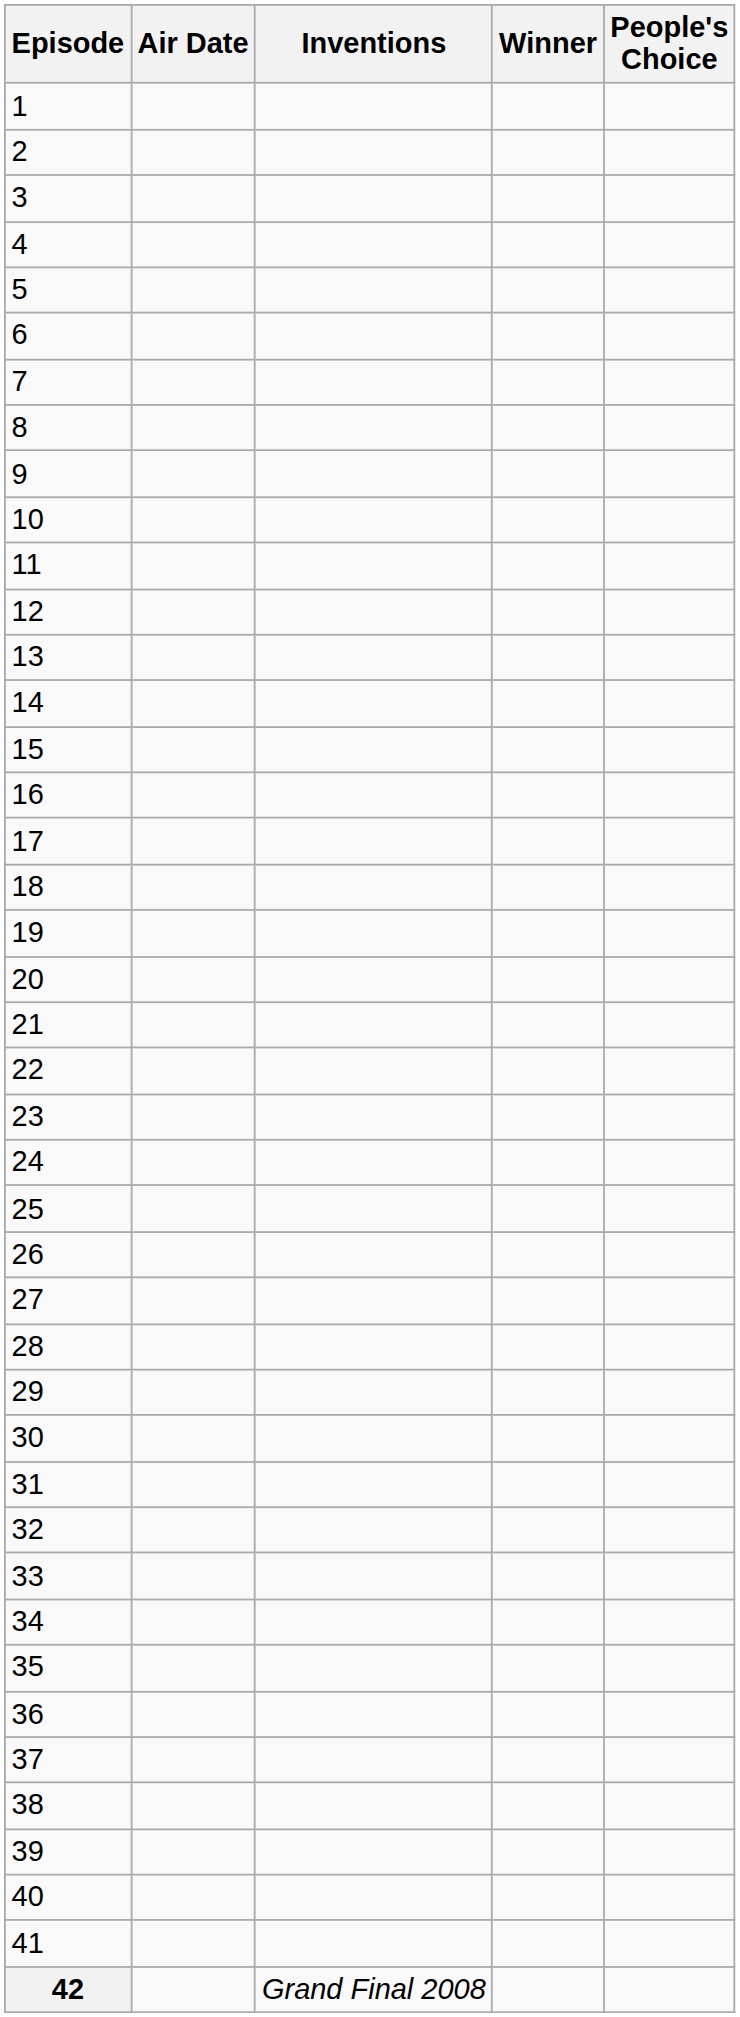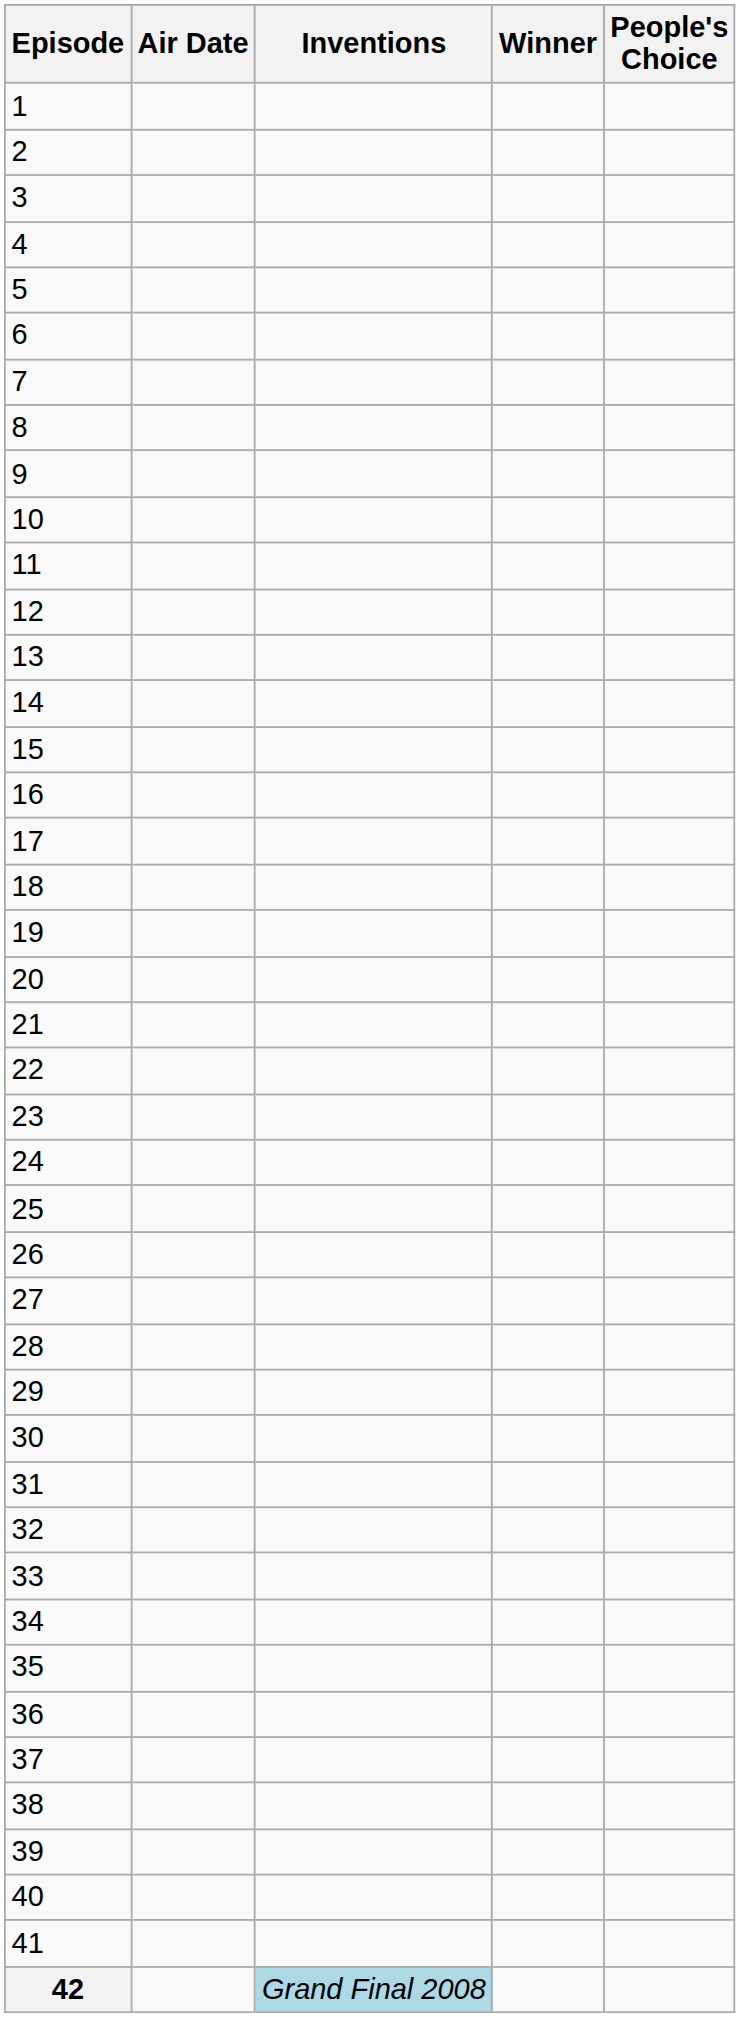 <table class="wikitable">
 <tr>
 <th>Episode</th>
 <th>Air Date</th>
 <th>Inventions</th>
 <th>Winner</th>
 <th>People's<br>Choice</th>
 </tr>
 <tr>
 <td>1</td>
 <td></td>
 <td></td>
 <td></td>
 <td></td>
 </tr>
 <tr>
 <td>2</td>
 <td></td>
 <td></td>
 <td></td>
 <td></td>
 </tr>
 <tr>
 <td>3</td>
 <td></td>
 <td></td>
 <td></td>
 <td></td>
 </tr>
 <tr>
 <td>4</td>
 <td></td>
 <td></td>
 <td></td>
 <td></td>
 </tr>
 <tr>
 <td>5</td>
 <td></td>
 <td></td>
 <td></td>
 <td></td>
 </tr>
 <tr>
 <td>6</td>
 <td></td>
 <td></td>
 <td></td>
 <td></td>
 </tr>
 <tr>
 <td>7</td>
 <td></td>
 <td></td>
 <td></td>
 <td></td>
 </tr>
 <tr>
 <td>8</td>
 <td></td>
 <td></td>
 <td></td>
 <td></td>
 </tr>
 <tr>
 <td>9</td>
 <td></td>
 <td></td>
 <td></td>
 <td></td>
 </tr>
 <tr>
 <td>10</td>
 <td></td>
 <td></td>
 <td></td>
 <td></td>
 </tr>
 <tr>
 <td>11</td>
 <td></td>
 <td></td>
 <td></td>
 <td></td>
 </tr>
 <tr>
 <td>12</td>
 <td></td>
 <td></td>
 <td></td>
 <td></td>
 </tr>
 <tr>
 <td>13</td>
 <td></td>
 <td></td>
 <td></td>
 <td></td>
 </tr>
 <tr>
 <td>14</td>
 <td></td>
 <td></td>
 <td></td>
 <td></td>
 </tr>
 <tr>
 <td>15</td>
 <td></td>
 <td></td>
 <td></td>
 <td></td>
 </tr>
 <tr>
 <td>16</td>
 <td></td>
 <td></td>
 <td></td>
 <td></td>
 </tr>
 <tr>
 <td>17</td>
 <td></td>
 <td></td>
 <td></td>
 <td></td>
 </tr>
 <tr>
 <td>18</td>
 <td></td>
 <td></td>
 <td></td>
 <td></td>
 </tr>
 <tr>
 <td>19</td>
 <td></td>
 <td></td>
 <td></td>
 <td></td>
 </tr>
 <tr>
 <td>20</td>
 <td></td>
 <td></td>
 <td></td>
 <td></td>
 </tr>
 <tr>
 <td>21</td>
 <td></td>
 <td></td>
 <td></td>
 <td></td>
 </tr>
 <tr>
 <td>22</td>
 <td></td>
 <td></td>
 <td></td>
 <td></td>
 </tr>
 <tr>
 <td>23</td>
 <td></td>
 <td></td>
 <td></td>
 <td></td>
 </tr>
 <tr>
 <td>24</td>
 <td></td>
 <td></td>
 <td></td>
 <td></td>
 </tr>
 <tr>
 <td>25</td>
 <td></td>
 <td></td>
 <td></td>
 <td></td>
 </tr>
 <tr>
 <td>26</td>
 <td></td>
 <td></td>
 <td></td>
 <td></td>
 </tr>
 <tr>
 <td>27</td>
 <td></td>
 <td></td>
 <td></td>
 <td></td>
 </tr>
 <tr>
 <td>28</td>
 <td></td>
 <td></td>
 <td></td>
 <td></td>
 </tr>
 <tr>
 <td>29</td>
 <td></td>
 <td></td>
 <td></td>
 <td></td>
 </tr>
 <tr>
 <td>30</td>
 <td></td>
 <td></td>
 <td></td>
 <td></td>
 </tr>
 <tr>
 <td>31</td>
 <td></td>
 <td></td>
 <td></td>
 <td></td>
 </tr>
 <tr>
 <td>32</td>
 <td></td>
 <td></td>
 <td></td>
 <td></td>
 </tr>
 <tr>
 <td>33</td>
 <td></td>
 <td></td>
 <td></td>
 <td></td>
 </tr>
 <tr>
 <td>34</td>
 <td></td>
 <td></td>
 <td></td>
 <td></td>
 </tr>
 <tr>
 <td>35</td>
 <td></td>
 <td></td>
 <td></td>
 <td></td>
 </tr>
 <tr>
 <td>36</td>
 <td></td>
 <td></td>
 <td></td>
 <td></td>
 </tr>
 <tr>
 <td>37</td>
 <td></td>
 <td></td>
 <td></td>
 <td></td>
 </tr>
 <tr>
 <td>38</td>
 <td></td>
 <td></td>
 <td></td>
 <td></td>
 </tr>
 <tr>
 <td>39</td>
 <td></td>
 <td></td>
 <td></td>
 <td></td>
 </tr>
 <tr>
 <td>40</td>
 <td></td>
 <td></td>
 <td></td>
 <td></td>
 </tr>
 <tr>
 <td>41</td>
 <td></td>
 <td></td>
 <td></td>
 <td></td>
 </tr>
 <tr>
 <th scope=row rowspan=1>42</th>
 <td rowspan=1></td>
-<td><em>Grand Final 2008</em></td>
+<td style="background: lightblue;"><em>Grand Final 2008</em></td>
 <td></td>
 <td></td>
 </tr>
 </table>
